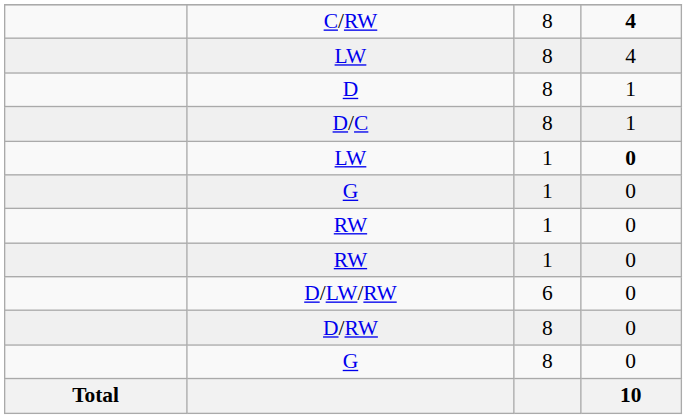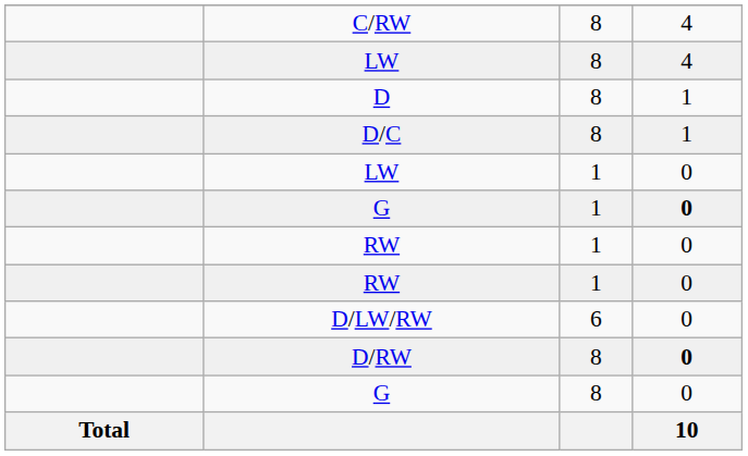 <table class="wikitable sortable" width ="40%">
 <tr align="center">
 </tr>
 <tr align="center" bgcolor="">
 <td></td>
 <td><a href='#'>C</a>/<a href='#'>RW</a></td>
 <td>8</td>
-<td><strong>4</strong></td>
+<td>4</td>
 </tr>
 <tr align="center" bgcolor="f0f0f0">
 <td></td>
 <td><a href='#'>LW</a></td>
 <td>8</td>
 <td>4</td>
 </tr>
 <tr align="center" bgcolor="">
 <td></td>
 <td><a href='#'>D</a></td>
 <td>8</td>
 <td>1</td>
 </tr>
 <tr align="center" bgcolor="f0f0f0">
 <td></td>
 <td><a href='#'>D</a>/<a href='#'>C</a></td>
 <td>8</td>
 <td>1</td>
 </tr>
 <tr align="center" bgcolor="">
 <td></td>
 <td><a href='#'>LW</a></td>
 <td>1</td>
-<td><strong>0</strong></td>
+<td>0</td>
 </tr>
 <tr align="center" bgcolor="f0f0f0">
 <td></td>
 <td><a href='#'>G</a></td>
 <td>1</td>
-<td>0</td>
+<td><strong>0</strong></td>
 </tr>
 <tr align="center" bgcolor="">
 <td></td>
 <td><a href='#'>RW</a></td>
 <td>1</td>
 <td>0</td>
 </tr>
 <tr align="center" bgcolor="f0f0f0">
 <td></td>
 <td><a href='#'>RW</a></td>
 <td>1</td>
 <td>0</td>
 </tr>
 <tr align="center" bgcolor="">
 <td></td>
 <td><a href='#'>D</a>/<a href='#'>LW</a>/<a href='#'>RW</a></td>
 <td>6</td>
 <td>0</td>
 </tr>
 <tr align="center" bgcolor="f0f0f0">
 <td></td>
 <td><a href='#'>D</a>/<a href='#'>RW</a></td>
 <td>8</td>
-<td>0</td>
+<td><strong>0</strong></td>
 </tr>
 <tr align="center" bgcolor="">
 <td></td>
 <td><a href='#'>G</a></td>
 <td>8</td>
 <td>0</td>
 </tr>
 <tr>
 <th>Total</th>
 <th></th>
 <th></th>
 <th>10</th>
 </tr>
 </table>
